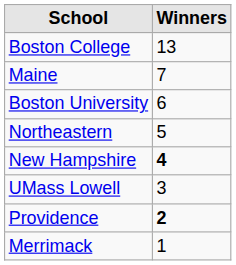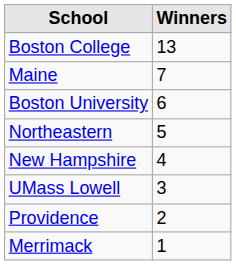 <table class="wikitable">
 <tr>
 <th style="background:#e5e5e5;">School</th>
 <th style="background:#e5e5e5;">Winners</th>
 </tr>
 <tr>
 <td><a href='#'>Boston College</a></td>
 <td>13</td>
 </tr>
 <tr>
 <td><a href='#'>Maine</a></td>
 <td>7</td>
 </tr>
 <tr>
 <td><a href='#'>Boston University</a></td>
 <td>6</td>
 </tr>
 <tr>
 <td><a href='#'>Northeastern</a></td>
 <td>5</td>
 </tr>
 <tr>
 <td><a href='#'>New Hampshire</a></td>
-<td><strong>4</strong></td>
+<td>4</td>
 </tr>
 <tr>
 <td><a href='#'>UMass Lowell</a></td>
 <td>3</td>
 </tr>
 <tr>
 <td><a href='#'>Providence</a></td>
-<td><strong>2</strong></td>
+<td>2</td>
 </tr>
 <tr>
 <td><a href='#'>Merrimack</a></td>
 <td>1</td>
 </tr>
 </table>
